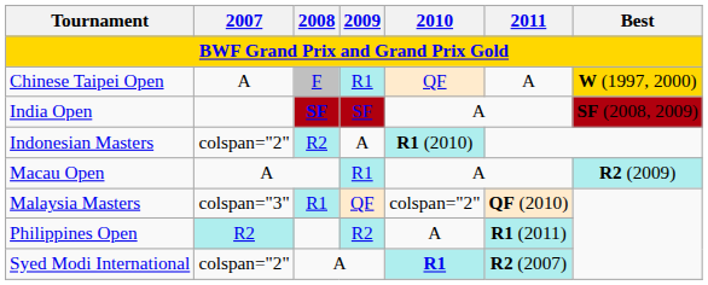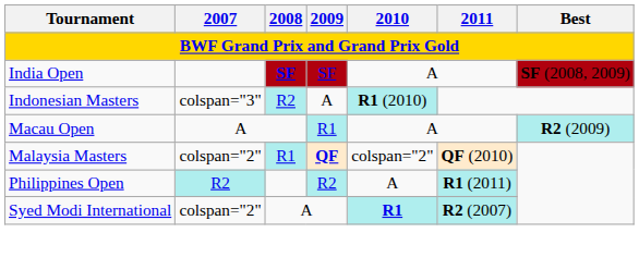 <table class="wikitable" style="font-size: 90%; text-align:center">
 <tr>
 <th>Tournament</th>
 <th><a href='#'>2007</a></th>
 <th><a href='#'>2008</a></th>
 <th><a href='#'>2009</a></th>
 <th><a href='#'>2010</a></th>
 <th><a href='#'>2011</a></th>
 <th>Best</th>
 </tr>
 <tr bgcolor=FFD700>
 <td colspan="7" align=center><strong><a href='#'>BWF Grand Prix and Grand Prix Gold</a></strong></td>
 </tr>
 <tr>
-<td align=left><a href='#'>Chinese Taipei Open</a></td>
-<td>A</td>
-<td bgcolor=Silver><a href='#'>F</a></td>
-<td bgcolor=AFEEEE><a href='#'>R1</a></td>
-<td bgcolor=FFEBCD><a href='#'>QF</a></td>
-<td>A</td>
-<td bgcolor=Gold><strong>W</strong> (1997, 2000)</td>
-</tr>
-<tr>
 <td align=left><a href='#'>India Open</a></td>
 <td></td>
 <td bgcolor=Bronze><strong><a href='#'>SF</a></strong></td>
 <td bgcolor=Bronze><a href='#'>SF</a></td>
 <td colspan="2">A</td>
 <td bgcolor=Bronze><strong>SF</strong> (2008, 2009)</td>
 </tr>
 <tr>
 <td align=left><a href='#'>Indonesian Masters</a></td>
-<td>colspan="2" </td>
+<td>colspan="3" </td>
 <td bgcolor=AFEEEE><a href='#'>R2</a></td>
 <td>A</td>
 <td bgcolor=AFEEEE><strong>R1</strong> (2010)</td>
 </tr>
 <tr>
 <td align=left><a href='#'>Macau Open</a></td>
 <td colspan="2">A</td>
 <td bgcolor=AFEEEE><a href='#'>R1</a></td>
 <td colspan="2">A</td>
 <td bgcolor=AFEEEE><strong>R2</strong> (2009)</td>
 </tr>
 <tr>
 <td align=left><a href='#'>Malaysia Masters</a></td>
-<td>colspan="3" </td>
+<td>colspan="2" </td>
 <td bgcolor=AFEEEE><a href='#'>R1</a></td>
-<td bgcolor=FFEBCD><a href='#'>QF</a></td>
+<td bgcolor=FFEBCD><strong><a href='#'>QF</a></strong></td>
 <td>colspan="2" </td>
 <td bgcolor=FFEBCD><strong>QF</strong> (2010)</td>
 </tr>
 <tr>
 <td align=left><a href='#'>Philippines Open</a></td>
 <td bgcolor=AFEEEE><a href='#'>R2</a></td>
 <td></td>
 <td bgcolor=AFEEEE><a href='#'>R2</a></td>
 <td>A</td>
 <td bgcolor=AFEEEE><strong>R1</strong> (2011)</td>
 </tr>
 <tr>
 <td align=left><a href='#'>Syed Modi International</a></td>
 <td>colspan="2" </td>
 <td colspan="2">A</td>
 <td bgcolor=AFEEEE><strong><a href='#'>R1</a></strong></td>
 <td bgcolor=AFEEEE><strong>R2</strong> (2007)</td>
 </tr>
 </table>
